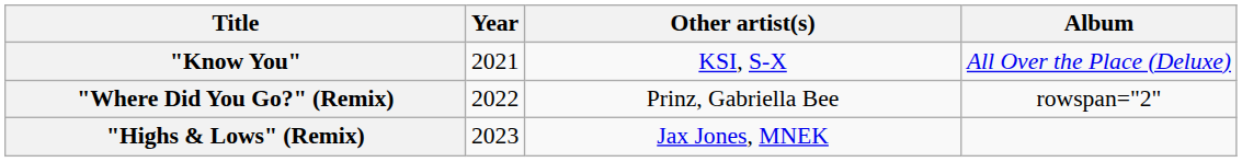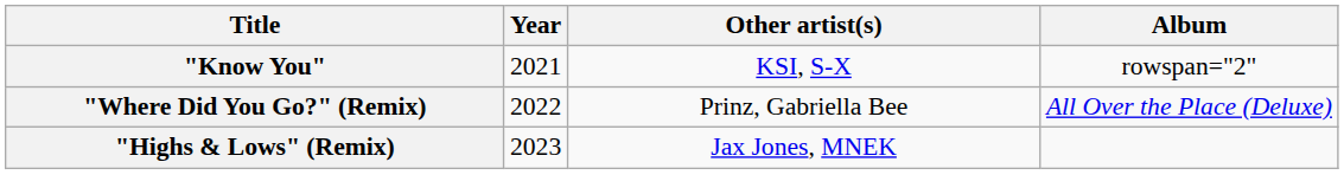 <table class="wikitable plainrowheaders" style="text-align:center;">
 <tr>
 <th scope="col" style="width:19em;">Title</th>
 <th scope="col" style="width:1em;">Year</th>
 <th scope="col" style="width:18em;">Other artist(s)</th>
 <th scope="col">Album</th>
 </tr>
 <tr>
 <th scope="row">"Know You"</th>
 <td>2021</td>
 <td><a href='#'>KSI</a>, <a href='#'>S-X</a></td>
-<td><em><a href='#'>All Over the Place (Deluxe)</a></em></td>
+<td>rowspan="2" </td>
 </tr>
 <tr>
 <th scope="row">"Where Did You Go?" (Remix)</th>
 <td>2022</td>
 <td>Prinz, Gabriella Bee</td>
-<td>rowspan="2" </td>
+<td><em><a href='#'>All Over the Place (Deluxe)</a></em></td>
 </tr>
 <tr>
 <th scope="row">"Highs & Lows" (Remix)</th>
 <td>2023</td>
 <td><a href='#'>Jax Jones</a>, <a href='#'>MNEK</a></td>
 </tr>
 </table>
